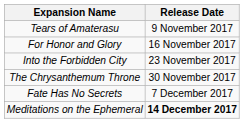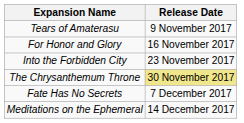 <table class="wikitable" style="text-align:center">
 <tr>
 <th>Expansion Name</th>
 <th>Release Date</th>
 </tr>
 <tr>
 <td><em>Tears of Amaterasu</em></td>
 <td>9 November 2017</td>
 </tr>
 <tr>
 <td><em>For Honor and Glory</em></td>
 <td>16 November 2017</td>
 </tr>
 <tr>
 <td><em>Into the Forbidden City</em></td>
 <td>23 November 2017</td>
 </tr>
 <tr>
 <td><em>The Chrysanthemum Throne</em></td>
-<td>30 November 2017</td>
+<td style="background: khaki;">30 November 2017</td>
 </tr>
 <tr>
 <td><em>Fate Has No Secrets</em></td>
 <td>7 December 2017</td>
 </tr>
 <tr>
 <td><em>Meditations on the Ephemeral</em></td>
-<td><strong>14 December 2017</strong></td>
+<td>14 December 2017</td>
 </tr>
 </table>
